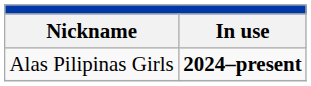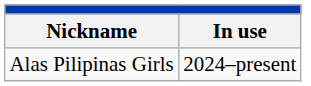 <table class="wikitable floatright">
 <tr>
 <th colspan="2" style="background:#0038A8; color:#FFFFFF;"></th>
 </tr>
 <tr>
 <th>Nickname</th>
 <th>In use</th>
 </tr>
 <tr>
 <td>Alas Pilipinas Girls</td>
-<td style="text-align:center"><strong>2024–present</strong></td>
+<td style="text-align:center">2024–present</td>
 </tr>
 <tr>
 </tr>
 </table>
